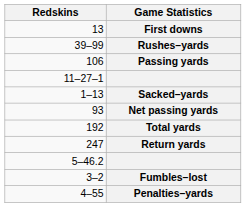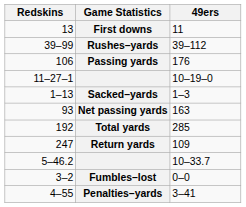 <table class="wikitable" style="margin: 1em auto 1em auto">
 <tr>
 <th style="width:30%;">Redskins</th>
 <th style="width:40%;">Game Statistics</th>
+<th style="width:30%;">49ers</th>
 </tr>
 <tr>
 <td style="text-align:right;">13</td>
 <th>First downs</th>
+<td>11</td>
 </tr>
 <tr>
 <td style="text-align:right;">39–99</td>
 <th>Rushes–yards</th>
+<td>39–112</td>
 </tr>
 <tr>
 <td style="text-align:right;">106</td>
 <th>Passing yards</th>
+<td>176</td>
 </tr>
 <tr>
 <td style="text-align:right;">11–27–1</td>
 <th></th>
+<td>10–19–0</td>
 </tr>
 <tr>
 <td style="text-align:right;">1–13</td>
 <th>Sacked–yards</th>
+<td>1–3</td>
 </tr>
 <tr>
 <td style="text-align:right;">93</td>
 <th>Net passing yards</th>
+<td>163</td>
 </tr>
 <tr>
 <td style="text-align:right;">192</td>
 <th>Total yards</th>
+<td>285</td>
 </tr>
 <tr>
 <td style="text-align:right;">247</td>
 <th>Return yards</th>
+<td>109</td>
 </tr>
 <tr>
 <td style="text-align:right;">5–46.2</td>
 <th></th>
+<td>10–33.7</td>
 </tr>
 <tr>
 <td style="text-align:right;">3–2</td>
 <th>Fumbles–lost</th>
+<td>0–0</td>
 </tr>
 <tr>
 <td style="text-align:right;">4–55</td>
 <th>Penalties–yards</th>
+<td>3–41</td>
 </tr>
 </table>
